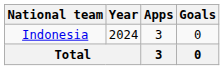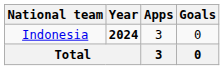 <table class="wikitable" style="text-align:center">
 <tr>
 <th>National team</th>
 <th>Year</th>
 <th>Apps</th>
 <th>Goals</th>
 </tr>
 <tr>
 <td><a href='#'>Indonesia</a></td>
-<td>2024</td>
+<td><strong>2024</strong></td>
 <td>3</td>
 <td>0</td>
 </tr>
 <tr>
 <th colspan=2>Total</th>
 <th>3</th>
 <th>0</th>
 </tr>
 </table>
